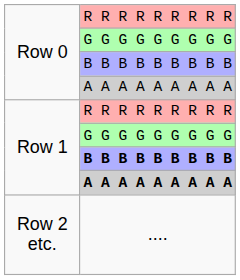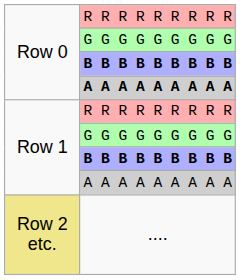 <table class="wikitable">
 <tr>
 <td align="center" width="60" rowspan="4">Row 0</td>
 <td align="center" style="background:#ffafaf;font-family: monospace">R R R R R R R R R</td>
 </tr>
 <tr>
 <td align="center" style="background:#afffaf;font-family: monospace">G G G G G G G G G</td>
 </tr>
 <tr>
-<td align="center" style="background:#afafff;font-family: monospace">B B B B B B B B B</td>
+<td align="center" style="background:#afafff;font-family: monospace"><strong>B B B B B B B B B</strong></td>
 </tr>
 <tr>
-<td align="center" style="background:#cfcfcf;font-family: monospace">A A A A A A A A A</td>
+<td align="center" style="background:#cfcfcf;font-family: monospace"><strong>A A A A A A A A A</strong></td>
 </tr>
 <tr>
 <td align="center" rowspan="4">Row 1</td>
 <td align="center" style="background:#ffafaf;font-family: monospace">R R R R R R R R R</td>
 </tr>
 <tr>
 <td align="center" style="background:#afffaf;font-family: monospace">G G G G G G G G G</td>
 </tr>
 <tr>
 <td align="center" style="background:#afafff;font-family: monospace"><strong>B B B B B B B B B</strong></td>
 </tr>
 <tr>
-<td align="center" style="background:#cfcfcf;font-family: monospace"><strong>A A A A A A A A A</strong></td>
+<td align="center" style="background:#cfcfcf;font-family: monospace">A A A A A A A A A</td>
 </tr>
 <tr>
-<td align="center" style="height:64px">Row 2 etc.</td>
+<td align="center" style="background: khaki; height:64px">Row 2 etc.</td>
 <td align="center">....</td>
 </tr>
 </table>
